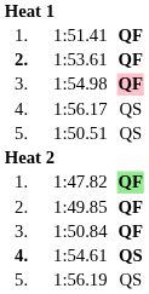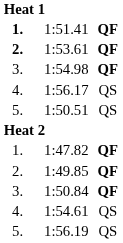 <table style="text-align:center">
 <tr>
 <td colspan=4 align=left><strong>Heat 1</strong></td>
 </tr>
 <tr>
-<td width=30>1.</td>
+<td width=30><strong>1.</strong></td>
 <td align=left></td>
 <td width=60>1:51.41</td>
 <td><strong>QF</strong></td>
 </tr>
 <tr>
 <td><strong>2.</strong></td>
 <td align=left></td>
 <td>1:53.61</td>
 <td><strong>QF</strong></td>
 </tr>
 <tr>
 <td>3.</td>
 <td align=left></td>
 <td>1:54.98</td>
-<td style="background: pink;"><strong>QF</strong></td>
+<td><strong>QF</strong></td>
 </tr>
 <tr>
 <td>4.</td>
 <td align=left></td>
 <td>1:56.17</td>
 <td>QS</td>
 </tr>
 <tr>
 <td>5.</td>
 <td align=left></td>
 <td>1:50.51</td>
 <td>QS</td>
 </tr>
 <tr>
 <td colspan=4 align=left><strong>Heat 2</strong></td>
 </tr>
 <tr>
 <td>1.</td>
 <td align=left></td>
 <td>1:47.82</td>
-<td style="background: lightgreen;"><strong>QF</strong></td>
+<td><strong>QF</strong></td>
 </tr>
 <tr>
 <td>2.</td>
 <td align=left></td>
 <td>1:49.85</td>
 <td><strong>QF</strong></td>
 </tr>
 <tr>
 <td>3.</td>
 <td align=left></td>
 <td>1:50.84</td>
 <td><strong>QF</strong></td>
 </tr>
 <tr>
-<td><strong>4.</strong></td>
+<td>4.</td>
 <td align=left></td>
 <td>1:54.61</td>
-<td><strong>QS</strong></td>
+<td>QS</td>
 </tr>
 <tr>
 <td>5.</td>
 <td align=left></td>
 <td>1:56.19</td>
 <td>QS</td>
 </tr>
 </table>
